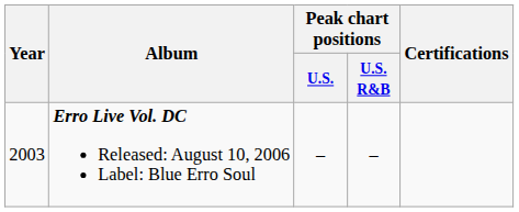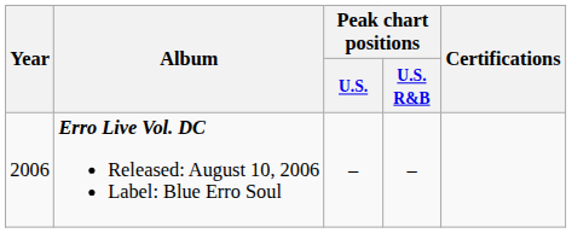 <table class="wikitable">
 <tr>
 <th rowspan="2">Year</th>
 <th rowspan="2">Album</th>
 <th colspan="2">Peak chart positions</th>
 <th rowspan="2">Certifications</th>
 </tr>
 <tr>
 <th width=40><small><a href='#'>U.S.</a></small><br></th>
 <th width=40><small><a href='#'>U.S. R&B</a></small><br></th>
 </tr>
 <tr>
-<td>2003</td>
+<td>2006</td>
 <td><strong><em>Erro Live Vol. DC</em></strong><br><ul><li>Released: August 10, 2006</li><li>Label: Blue Erro Soul</li></ul></td>
 <td align="center">–</td>
 <td align="center">–</td>
 <td></td>
 </tr>
 </table>
